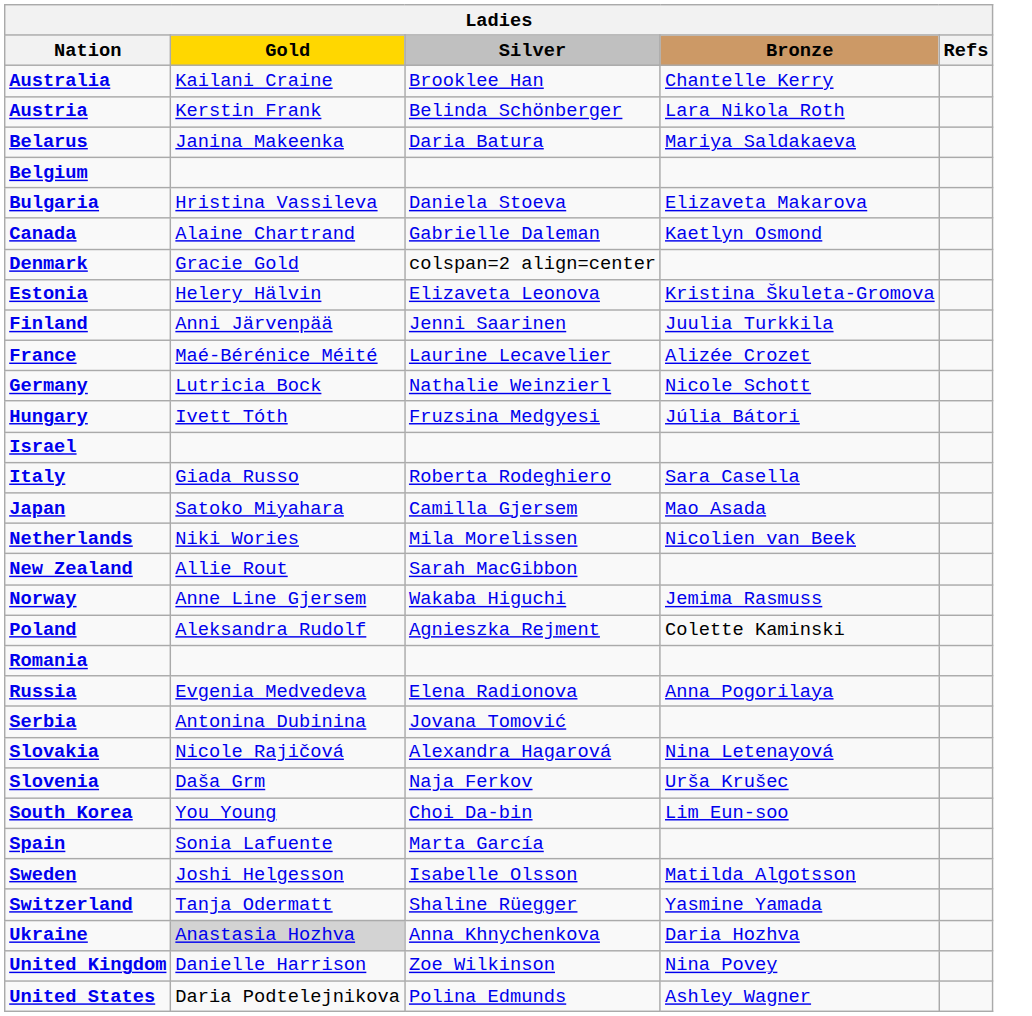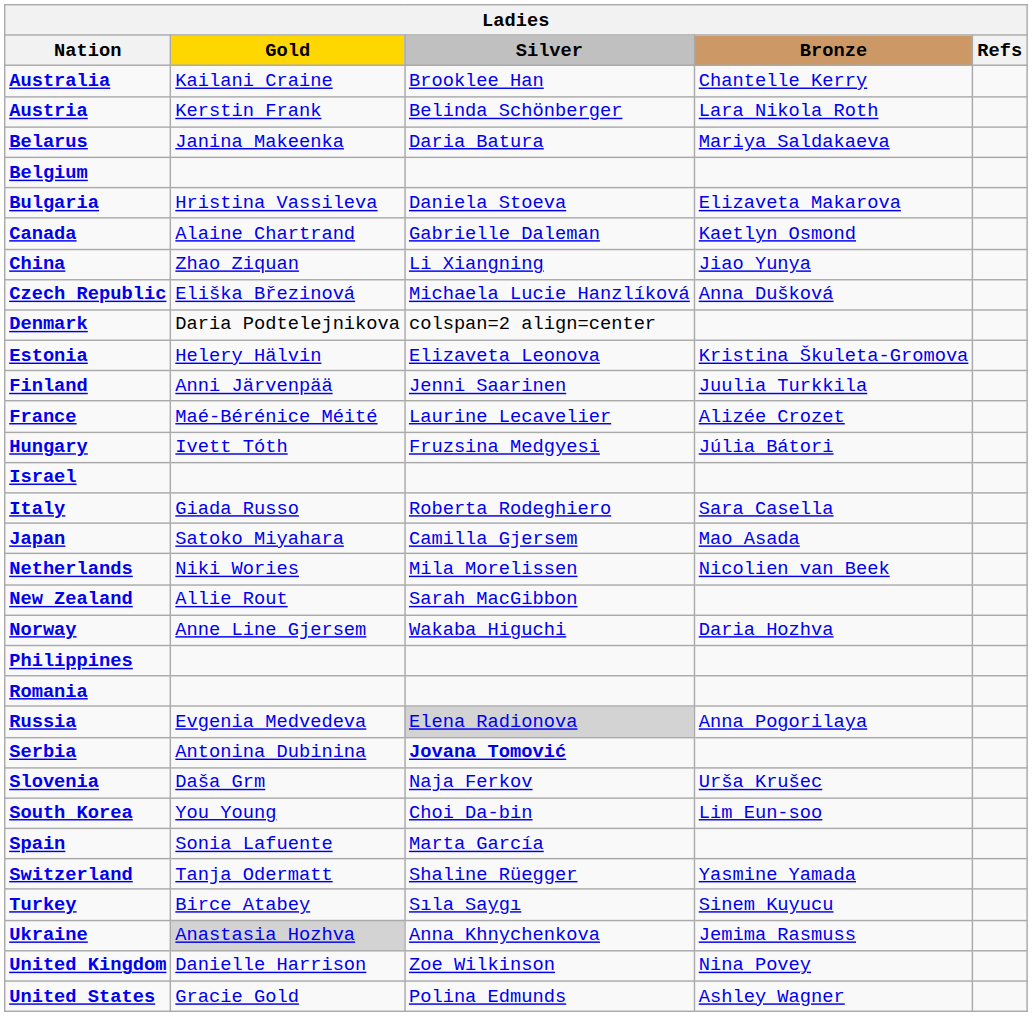 <table class="wikitable">
 <tr>
 <th colspan=5>Ladies</th>
 </tr>
 <tr>
 <th>Nation</th>
 <td style="text-align:center; background:gold;"><strong>Gold</strong></td>
 <td style="text-align:center; background:silver;"><strong>Silver</strong></td>
 <td style="text-align:center; background:#c96;"><strong>Bronze</strong></td>
 <th>Refs</th>
 </tr>
 <tr>
 <td><strong><a href='#'>Australia</a></strong></td>
 <td><a href='#'>Kailani Craine</a></td>
 <td><a href='#'>Brooklee Han</a></td>
 <td><a href='#'>Chantelle Kerry</a></td>
 <td></td>
 </tr>
 <tr>
 <td><strong><a href='#'>Austria</a></strong></td>
 <td><a href='#'>Kerstin Frank</a></td>
 <td><a href='#'>Belinda Schönberger</a></td>
 <td><a href='#'>Lara Nikola Roth</a></td>
 <td></td>
 </tr>
 <tr>
 <td><strong><a href='#'>Belarus</a></strong></td>
 <td><a href='#'>Janina Makeenka</a></td>
 <td><a href='#'>Daria Batura</a></td>
 <td><a href='#'>Mariya Saldakaeva</a></td>
 <td></td>
 </tr>
 <tr>
 <td><strong><a href='#'>Belgium</a></strong></td>
 <td></td>
 <td></td>
 <td></td>
 <td></td>
 </tr>
 <tr>
 <td><strong><a href='#'>Bulgaria</a></strong></td>
 <td><a href='#'>Hristina Vassileva</a></td>
 <td><a href='#'>Daniela Stoeva</a></td>
 <td><a href='#'>Elizaveta Makarova</a></td>
 <td></td>
 </tr>
 <tr>
 <td><strong><a href='#'>Canada</a></strong></td>
 <td><a href='#'>Alaine Chartrand</a></td>
 <td><a href='#'>Gabrielle Daleman</a></td>
 <td><a href='#'>Kaetlyn Osmond</a></td>
 <td></td>
 </tr>
 <tr>
+<td><strong><a href='#'>China</a></strong></td>
+<td><a href='#'>Zhao Ziquan</a></td>
+<td><a href='#'>Li Xiangning</a></td>
+<td><a href='#'>Jiao Yunya</a></td>
+<td></td>
+</tr>
+<tr>
+<td><strong><a href='#'>Czech Republic</a></strong></td>
+<td><a href='#'>Eliška Březinová</a></td>
+<td><a href='#'>Michaela Lucie Hanzlíková</a></td>
+<td><a href='#'>Anna Dušková</a></td>
+<td></td>
+</tr>
+<tr>
 <td><strong><a href='#'>Denmark</a></strong></td>
-<td><a href='#'>Gracie Gold</a></td>
+<td>Daria Podtelejnikova</td>
 <td>colspan=2 align=center </td>
 <td></td>
 </tr>
 <tr>
 <td><strong><a href='#'>Estonia</a></strong></td>
 <td><a href='#'>Helery Hälvin</a></td>
 <td><a href='#'>Elizaveta Leonova</a></td>
 <td><a href='#'>Kristina Škuleta-Gromova</a></td>
 <td></td>
 </tr>
 <tr>
 <td><strong><a href='#'>Finland</a></strong></td>
 <td><a href='#'>Anni Järvenpää</a></td>
 <td><a href='#'>Jenni Saarinen</a></td>
 <td><a href='#'>Juulia Turkkila</a></td>
 <td></td>
 </tr>
 <tr>
 <td><strong><a href='#'>France</a></strong></td>
 <td><a href='#'>Maé-Bérénice Méité</a></td>
 <td><a href='#'>Laurine Lecavelier</a></td>
 <td><a href='#'>Alizée Crozet</a></td>
-<td></td>
-</tr>
-<tr>
-<td><strong><a href='#'>Germany</a></strong></td>
-<td><a href='#'>Lutricia Bock</a></td>
-<td><a href='#'>Nathalie Weinzierl</a></td>
-<td><a href='#'>Nicole Schott</a></td>
 <td></td>
 </tr>
 <tr>
 <td><strong><a href='#'>Hungary</a></strong></td>
 <td><a href='#'>Ivett Tóth</a></td>
 <td><a href='#'>Fruzsina Medgyesi</a></td>
 <td><a href='#'>Júlia Bátori</a></td>
 <td></td>
 </tr>
 <tr>
 <td><strong><a href='#'>Israel</a></strong></td>
 <td></td>
 <td></td>
 <td></td>
 <td></td>
 </tr>
 <tr>
 <td><strong><a href='#'>Italy</a></strong></td>
 <td><a href='#'>Giada Russo</a></td>
 <td><a href='#'>Roberta Rodeghiero</a></td>
 <td><a href='#'>Sara Casella</a></td>
 <td></td>
 </tr>
 <tr>
 <td><strong><a href='#'>Japan</a></strong></td>
 <td><a href='#'>Satoko Miyahara</a></td>
 <td><a href='#'>Camilla Gjersem</a></td>
 <td><a href='#'>Mao Asada</a></td>
 <td></td>
 </tr>
 <tr>
 <td><strong><a href='#'>Netherlands</a></strong></td>
 <td><a href='#'>Niki Wories</a></td>
 <td><a href='#'>Mila Morelissen</a></td>
 <td><a href='#'>Nicolien van Beek</a></td>
 <td></td>
 </tr>
 <tr>
 <td><strong><a href='#'>New Zealand</a></strong></td>
 <td><a href='#'>Allie Rout</a></td>
 <td><a href='#'>Sarah MacGibbon</a></td>
 <td></td>
 <td></td>
 </tr>
 <tr>
 <td><strong><a href='#'>Norway</a></strong></td>
 <td><a href='#'>Anne Line Gjersem</a></td>
 <td><a href='#'>Wakaba Higuchi</a></td>
-<td><a href='#'>Jemima Rasmuss</a></td>
+<td><a href='#'>Daria Hozhva</a></td>
 <td></td>
 </tr>
 <tr>
-<td><strong><a href='#'>Poland</a></strong></td>
-<td><a href='#'>Aleksandra Rudolf</a></td>
-<td><a href='#'>Agnieszka Rejment</a></td>
-<td>Colette Kaminski</td>
+<td><strong><a href='#'>Philippines</a></strong></td>
+<td></td>
+<td></td>
+<td></td>
 <td></td>
 </tr>
 <tr>
 <td><strong><a href='#'>Romania</a></strong></td>
 <td></td>
 <td></td>
 <td></td>
 <td></td>
 </tr>
 <tr>
 <td><strong><a href='#'>Russia</a></strong></td>
 <td><a href='#'>Evgenia Medvedeva</a></td>
-<td><a href='#'>Elena Radionova</a></td>
+<td style="background: lightgrey;"><a href='#'>Elena Radionova</a></td>
 <td><a href='#'>Anna Pogorilaya</a></td>
 <td></td>
 </tr>
 <tr>
 <td><strong><a href='#'>Serbia</a></strong></td>
 <td><a href='#'>Antonina Dubinina</a></td>
-<td><a href='#'>Jovana Tomović</a></td>
+<td><strong><a href='#'>Jovana Tomović</a></strong></td>
 <td></td>
-<td></td>
-</tr>
-<tr>
-<td><strong><a href='#'>Slovakia</a></strong></td>
-<td><a href='#'>Nicole Rajičová</a></td>
-<td><a href='#'>Alexandra Hagarová</a></td>
-<td><a href='#'>Nina Letenayová</a></td>
 <td></td>
 </tr>
 <tr>
 <td><strong><a href='#'>Slovenia</a></strong></td>
 <td><a href='#'>Daša Grm</a></td>
 <td><a href='#'>Naja Ferkov</a></td>
 <td><a href='#'>Urša Krušec</a></td>
 <td></td>
 </tr>
 <tr>
 <td><strong><a href='#'>South Korea</a></strong></td>
 <td><a href='#'>You Young</a></td>
 <td><a href='#'>Choi Da-bin</a></td>
 <td><a href='#'>Lim Eun-soo</a></td>
 <td></td>
 </tr>
 <tr>
 <td><strong><a href='#'>Spain</a></strong></td>
 <td><a href='#'>Sonia Lafuente</a></td>
 <td><a href='#'>Marta García</a></td>
 <td></td>
 <td></td>
 </tr>
 <tr>
-<td><strong><a href='#'>Sweden</a></strong></td>
-<td><a href='#'>Joshi Helgesson</a></td>
-<td><a href='#'>Isabelle Olsson</a></td>
-<td><a href='#'>Matilda Algotsson</a></td>
-<td></td>
-</tr>
-<tr>
 <td><strong><a href='#'>Switzerland</a></strong></td>
 <td><a href='#'>Tanja Odermatt</a></td>
 <td><a href='#'>Shaline Rüegger</a></td>
 <td><a href='#'>Yasmine Yamada</a></td>
 <td></td>
 </tr>
 <tr>
+<td><strong><a href='#'>Turkey</a></strong></td>
+<td><a href='#'>Birce Atabey</a></td>
+<td><a href='#'>Sıla Saygı</a></td>
+<td><a href='#'>Sinem Kuyucu</a></td>
+<td></td>
+</tr>
+<tr>
 <td><strong><a href='#'>Ukraine</a></strong></td>
 <td style="background: lightgrey;"><a href='#'>Anastasia Hozhva</a></td>
 <td><a href='#'>Anna Khnychenkova</a></td>
-<td><a href='#'>Daria Hozhva</a></td>
+<td><a href='#'>Jemima Rasmuss</a></td>
 <td></td>
 </tr>
 <tr>
 <td><strong><a href='#'>United Kingdom</a></strong></td>
 <td><a href='#'>Danielle Harrison</a></td>
 <td><a href='#'>Zoe Wilkinson</a></td>
 <td><a href='#'>Nina Povey</a></td>
 <td></td>
 </tr>
 <tr>
 <td><strong><a href='#'>United States</a></strong></td>
-<td>Daria Podtelejnikova</td>
+<td><a href='#'>Gracie Gold</a></td>
 <td><a href='#'>Polina Edmunds</a></td>
 <td><a href='#'>Ashley Wagner</a></td>
 <td></td>
 </tr>
 </table>
